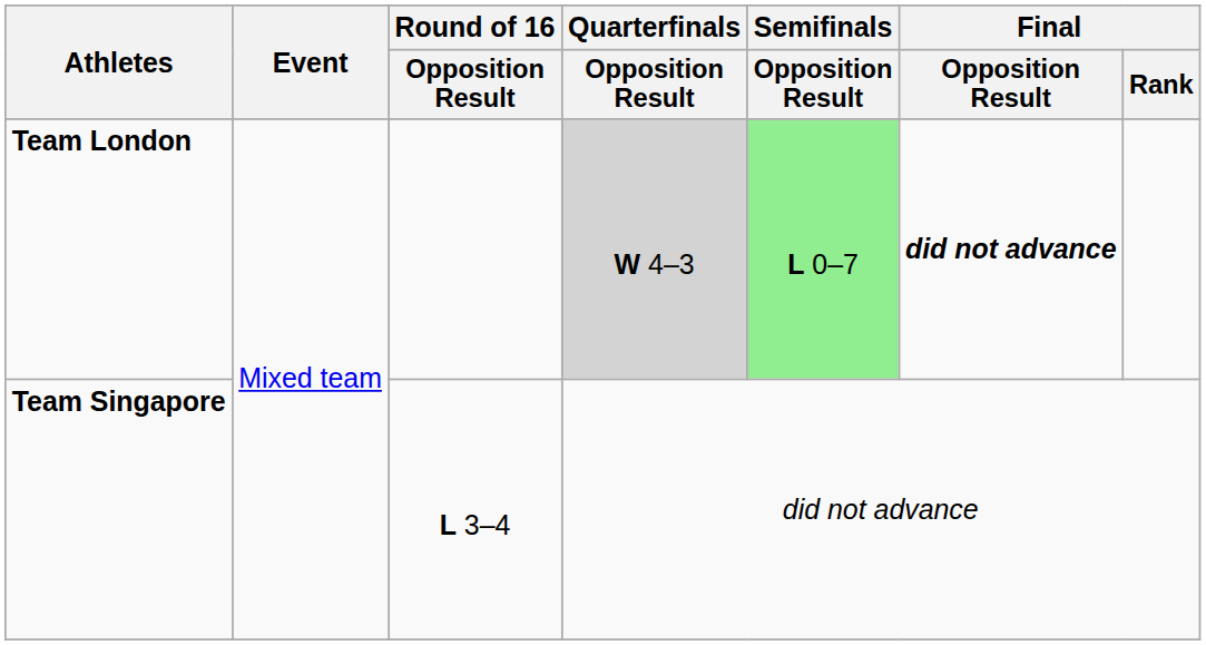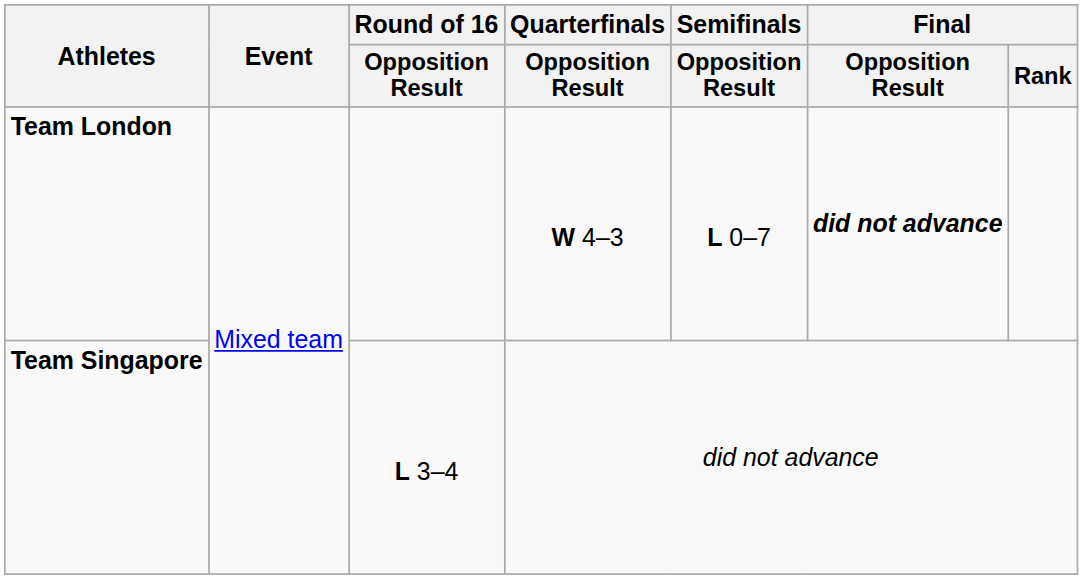 <table class="wikitable" style="font-size:90%">
 <tr>
 <th rowspan=2>Athletes</th>
 <th rowspan=2>Event</th>
 <th>Round of 16</th>
 <th>Quarterfinals</th>
 <th>Semifinals</th>
 <th colspan=2>Final</th>
 </tr>
 <tr style="font-size:95%">
 <th>Opposition<br>Result</th>
 <th>Opposition<br>Result</th>
 <th>Opposition<br>Result</th>
 <th>Opposition<br>Result</th>
 <th>Rank</th>
 </tr>
 <tr align=center>
 <td align=left><strong>Team London</strong><br><br><br><br><br><br><br><br></td>
 <td rowspan=2 align=left><a href='#'>Mixed team</a></td>
 <td></td>
-<td style="background: lightgrey;"><br><strong>W</strong> 4–3</td>
-<td style="background: lightgreen;"><br><strong>L</strong> 0–7</td>
+<td><br><strong>W</strong> 4–3</td>
+<td><br><strong>L</strong> 0–7</td>
 <td><strong><em>did not advance</em></strong></td>
 <td></td>
 </tr>
 <tr align=center>
 <td align=left><strong>Team Singapore</strong><br><br> <br><br><br><br><br><br></td>
 <td><br><strong>L</strong> 3–4</td>
 <td colspan=4><em>did not advance</em></td>
 </tr>
 </table>
